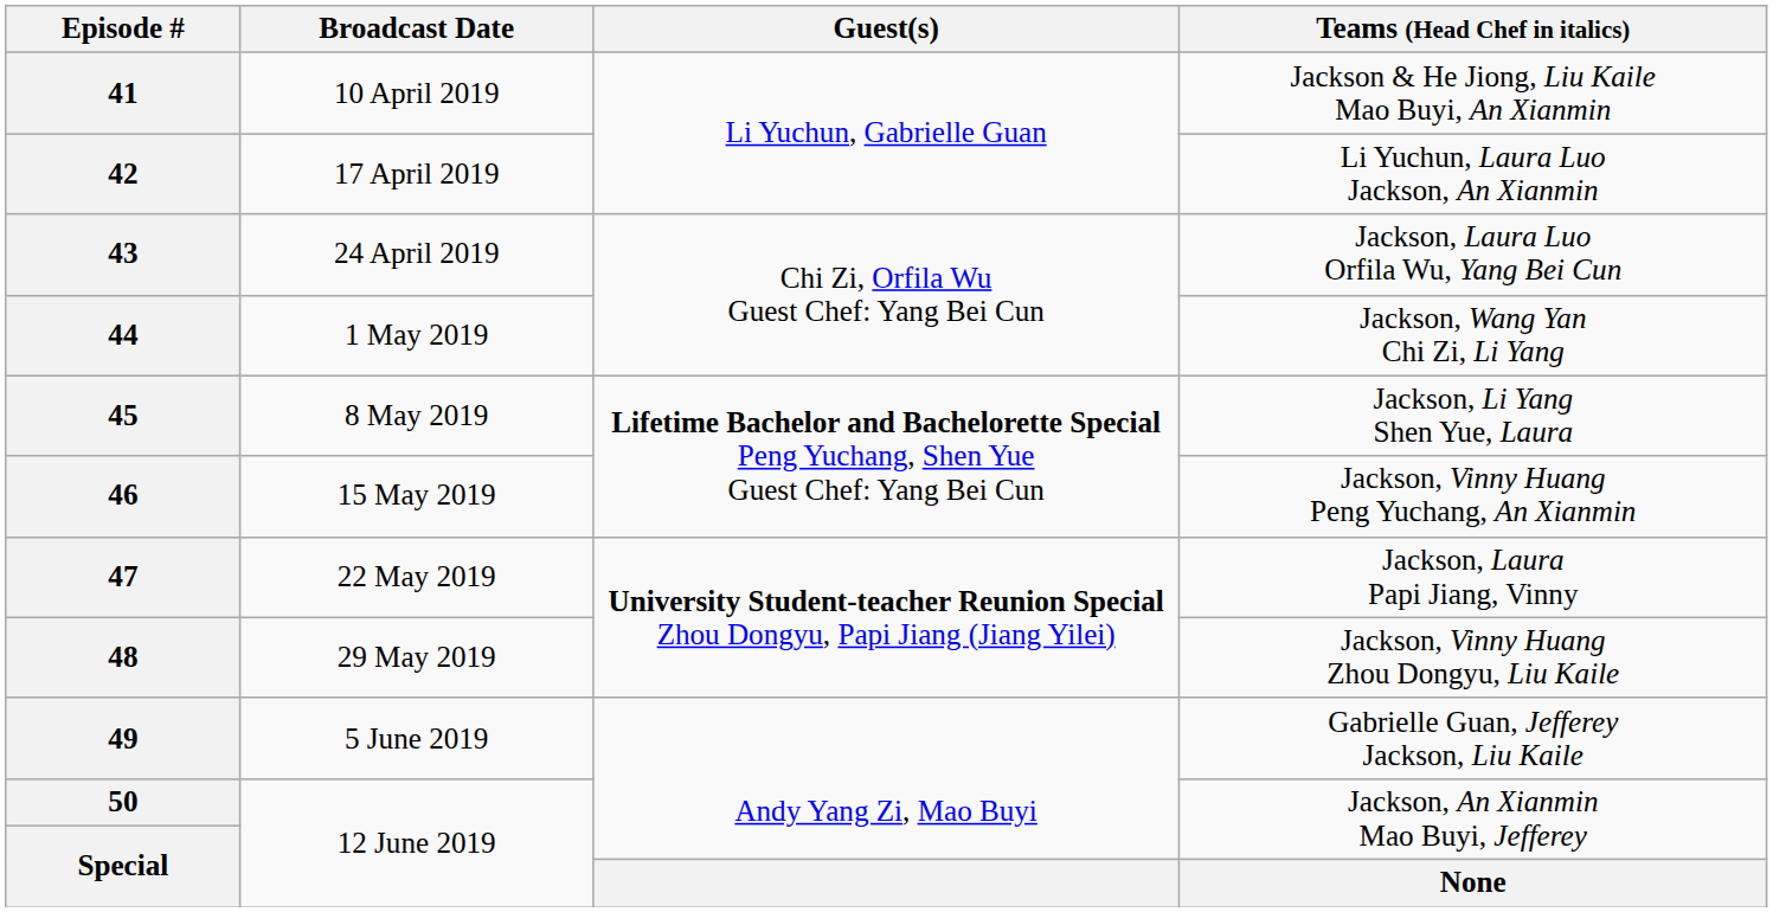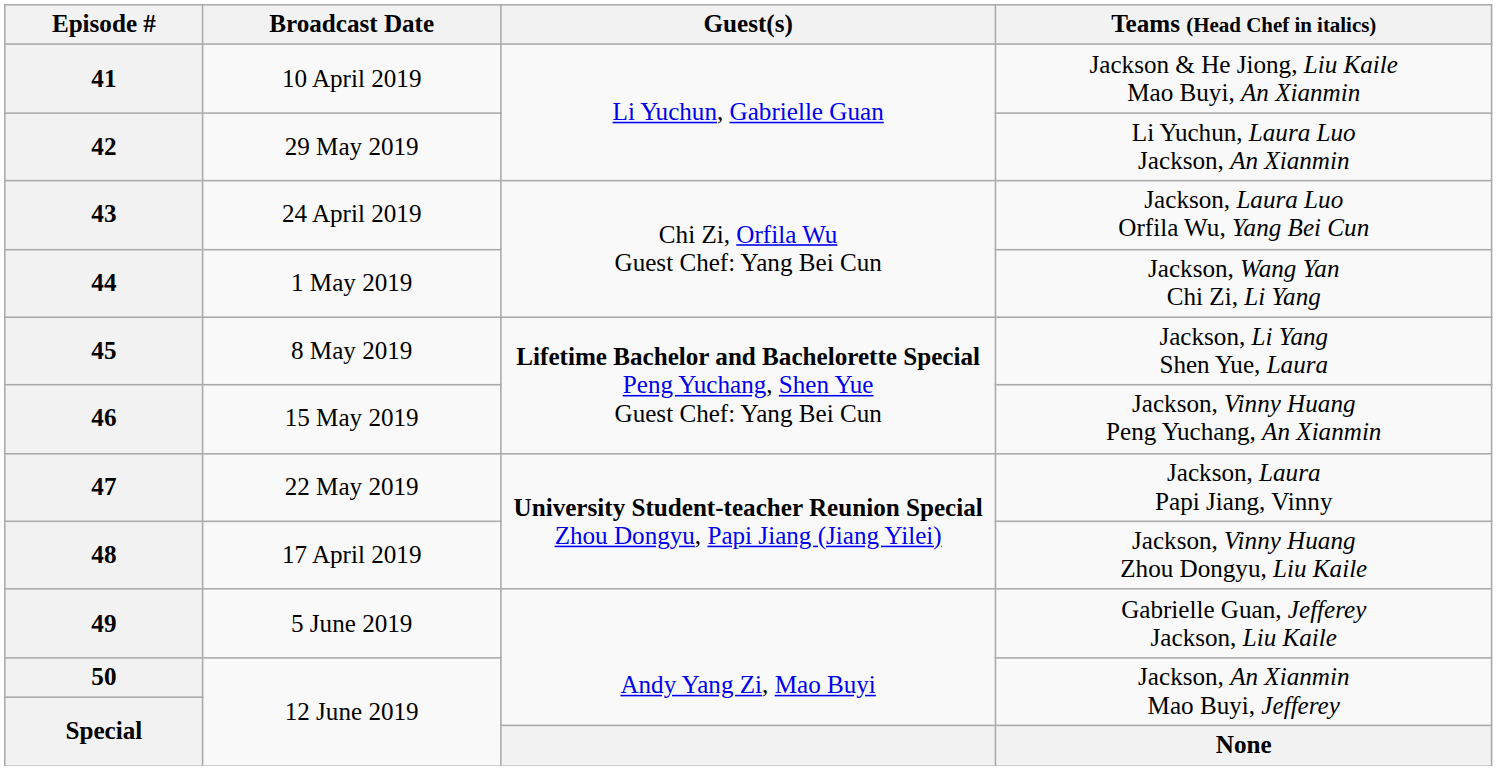 <table class="wikitable" style="text-align:center; width:75%">
 <tr>
 <th style="width:10%;”">Episode #</th>
 <th style="width:15%;”">Broadcast Date</th>
 <th style="width:25%;”">Guest(s)</th>
 <th style="width:25%;”">Teams <small>(Head Chef in italics)</small></th>
 </tr>
 <tr>
 <th>41</th>
 <td>10 April 2019</td>
 <td rowspan="2"><a href='#'>Li Yuchun</a>, <a href='#'>Gabrielle Guan</a></td>
 <td>Jackson & He Jiong, <em>Liu Kaile</em><br>Mao Buyi, <em>An Xianmin</em></td>
 </tr>
 <tr>
 <th>42</th>
-<td>17 April 2019</td>
+<td>29 May 2019</td>
 <td>Li Yuchun, <em>Laura Luo</em><br>Jackson, <em>An Xianmin</em></td>
 </tr>
 <tr>
 <th>43</th>
 <td>24 April 2019</td>
 <td rowspan="2">Chi Zi, <a href='#'>Orfila Wu</a><br>Guest Chef: Yang Bei Cun</td>
 <td>Jackson, <em>Laura Luo</em><br>Orfila Wu, <em>Yang Bei Cun</em></td>
 </tr>
 <tr>
 <th>44</th>
 <td>1 May 2019</td>
 <td>Jackson, <em>Wang Yan</em><br>Chi Zi, <em>Li Yang</em></td>
 </tr>
 <tr>
 <th>45</th>
 <td>8 May 2019</td>
 <td rowspan="2"><strong>Lifetime Bachelor and Bachelorette Special</strong><br><a href='#'>Peng Yuchang</a>, <a href='#'>Shen Yue</a><br>Guest Chef: Yang Bei Cun</td>
 <td>Jackson, <em>Li Yang</em><br>Shen Yue, <em>Laura</em></td>
 </tr>
 <tr>
 <th>46</th>
 <td>15 May 2019</td>
 <td>Jackson, <em>Vinny Huang</em><br>Peng Yuchang, <em>An Xianmin</em></td>
 </tr>
 <tr>
 <th>47</th>
 <td>22 May 2019</td>
 <td rowspan="2"><strong>University Student-teacher Reunion Special</strong><br><a href='#'>Zhou Dongyu</a>, <a href='#'>Papi Jiang (Jiang Yilei)</a></td>
 <td>Jackson, <em>Laura</em><br>Papi Jiang, Vinny</td>
 </tr>
 <tr>
 <th>48</th>
-<td>29 May 2019</td>
+<td>17 April 2019</td>
 <td>Jackson, <em>Vinny Huang</em><br>Zhou Dongyu, <em>Liu Kaile</em></td>
 </tr>
 <tr>
 <th>49</th>
 <td>5 June 2019</td>
 <td rowspan="3"><br><br><a href='#'>Andy Yang Zi</a>, <a href='#'>Mao Buyi</a></td>
 <td>Gabrielle Guan, <em>Jefferey</em><br>Jackson, <em>Liu Kaile</em></td>
 </tr>
 <tr>
 <th>50</th>
 <td rowspan="3">12 June 2019</td>
 <td rowspan="2">Jackson, <em>An Xianmin</em><br>Mao Buyi, <em>Jefferey</em></td>
 </tr>
 <tr>
 <th rowspan="2">Special</th>
 </tr>
 <tr>
 <th></th>
 <th>None</th>
 </tr>
 </table>
